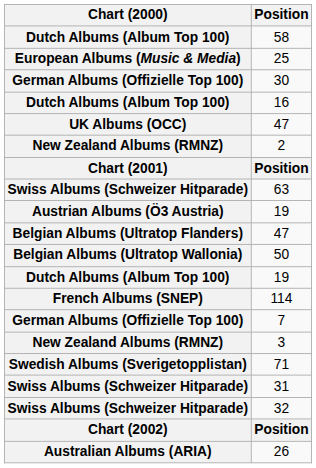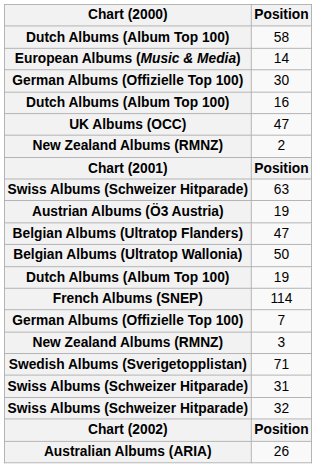 <table class="wikitable plainrowheaders">
 <tr>
 <th scope="col">Chart (2000)</th>
 <th scope="col">Position</th>
 </tr>
 <tr>
 <th scope="row">Dutch Albums (Album Top 100)</th>
 <td align="center">58</td>
 </tr>
 <tr>
 <th scope="row">European Albums (<em>Music & Media</em>)</th>
-<td align="center">25</td>
+<td align="center">14</td>
 </tr>
 <tr>
 <th scope="row">German Albums (Offizielle Top 100)</th>
 <td align="center">30</td>
 </tr>
 <tr>
 <th scope="row">Dutch Albums (Album Top 100)</th>
 <td align="center">16</td>
 </tr>
 <tr>
 <th scope="row">UK Albums (OCC)</th>
 <td align="center">47</td>
 </tr>
 <tr>
 <th scope="row">New Zealand Albums (RMNZ)</th>
 <td align="center">2</td>
 </tr>
 <tr>
 <th scope="col">Chart (2001)</th>
 <th scope="col">Position</th>
 </tr>
 <tr>
 <th scope="row">Swiss Albums (Schweizer Hitparade)</th>
 <td align="center">63</td>
 </tr>
 <tr>
 <th scope="row">Austrian Albums (Ö3 Austria)</th>
 <td align="center">19</td>
 </tr>
 <tr>
 <th scope="row">Belgian Albums (Ultratop Flanders)</th>
 <td align="center">47</td>
 </tr>
 <tr>
 <th scope="row">Belgian Albums (Ultratop Wallonia)</th>
 <td align="center">50</td>
 </tr>
 <tr>
 <th scope="row">Dutch Albums (Album Top 100)</th>
 <td align="center">19</td>
 </tr>
 <tr>
 <th scope="row">French Albums (SNEP)</th>
 <td align="center">114</td>
 </tr>
 <tr>
 <th scope="row">German Albums (Offizielle Top 100)</th>
 <td align="center">7</td>
 </tr>
 <tr>
 <th scope="row">New Zealand Albums (RMNZ)</th>
 <td align="center">3</td>
 </tr>
 <tr>
 <th scope="row">Swedish Albums (Sverigetopplistan)</th>
 <td align="center">71</td>
 </tr>
 <tr>
 <th scope="row">Swiss Albums (Schweizer Hitparade)</th>
 <td align="center">31</td>
 </tr>
 <tr>
 <th scope="row">Swiss Albums (Schweizer Hitparade)</th>
 <td align="center">32</td>
 </tr>
 <tr>
 <th scope="col">Chart (2002)</th>
 <th scope="col">Position</th>
 </tr>
 <tr>
 <th scope="row">Australian Albums (ARIA)</th>
 <td align="center">26</td>
 </tr>
 </table>
